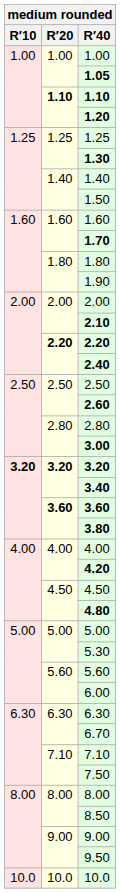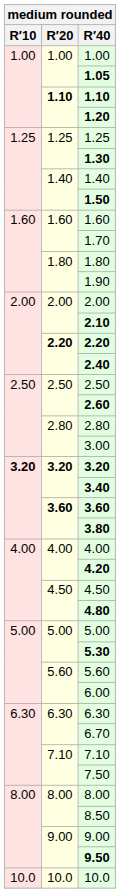 <table class="wikitable" style="text-align:center;">
 <tr>
 <th colspan="3">medium rounded</th>
 </tr>
 <tr>
 <th bgcolor="#ffe2e2">R′10</th>
 <th bgcolor="#ffffe2">R′20</th>
 <th bgcolor="#e2ffe2">R′40</th>
 </tr>
 <tr valign="top">
 <td rowspan="4" bgcolor="#ffe2e2">1.00</td>
 <td rowspan="2" bgcolor="#ffffe2">1.00</td>
 <td bgcolor="#e2ffe2">1.00</td>
 </tr>
 <tr>
 <td bgcolor="#e2ffe2"><strong>1.05</strong></td>
 </tr>
 <tr valign="top">
 <td rowspan="2" bgcolor="#ffffe2"><strong>1.10</strong></td>
 <td bgcolor="#e2ffe2"><strong>1.10</strong></td>
 </tr>
 <tr>
 <td bgcolor="#e2ffe2"><strong>1.20</strong></td>
 </tr>
 <tr valign="top">
 <td rowspan="4" bgcolor="#ffe2e2">1.25</td>
 <td rowspan="2" bgcolor="#ffffe2">1.25</td>
 <td bgcolor="#e2ffe2">1.25</td>
 </tr>
 <tr>
 <td bgcolor="#e2ffe2"><strong>1.30</strong></td>
 </tr>
 <tr valign="top">
 <td rowspan="2" bgcolor="#ffffe2">1.40</td>
 <td bgcolor="#e2ffe2">1.40</td>
 </tr>
 <tr>
-<td bgcolor="#e2ffe2">1.50</td>
+<td bgcolor="#e2ffe2"><strong>1.50</strong></td>
 </tr>
 <tr valign="top">
 <td rowspan="4" bgcolor="#ffe2e2">1.60</td>
 <td rowspan="2" bgcolor="#ffffe2">1.60</td>
 <td bgcolor="#e2ffe2">1.60</td>
 </tr>
 <tr>
-<td bgcolor="#e2ffe2"><strong>1.70</strong></td>
+<td bgcolor="#e2ffe2">1.70</td>
 </tr>
 <tr valign="top">
 <td rowspan="2" bgcolor="#ffffe2">1.80</td>
 <td bgcolor="#e2ffe2">1.80</td>
 </tr>
 <tr>
 <td bgcolor="#e2ffe2">1.90</td>
 </tr>
 <tr valign="top">
 <td rowspan="4" bgcolor="#ffe2e2">2.00</td>
 <td rowspan="2" bgcolor="#ffffe2">2.00</td>
 <td bgcolor="#e2ffe2">2.00</td>
 </tr>
 <tr>
 <td bgcolor="#e2ffe2"><strong>2.10</strong></td>
 </tr>
 <tr valign="top">
 <td rowspan="2" bgcolor="#ffffe2"><strong>2.20</strong></td>
 <td bgcolor="#e2ffe2"><strong>2.20</strong></td>
 </tr>
 <tr valign="top">
 <td bgcolor="#e2ffe2"><strong>2.40</strong></td>
 </tr>
 <tr valign="top">
 <td rowspan="4" bgcolor="#ffe2e2">2.50</td>
 <td rowspan="2" bgcolor="#ffffe2">2.50</td>
 <td bgcolor="#e2ffe2">2.50</td>
 </tr>
 <tr>
 <td bgcolor="#e2ffe2"><strong>2.60</strong></td>
 </tr>
 <tr valign="top">
 <td rowspan="2" bgcolor="#ffffe2">2.80</td>
 <td bgcolor="#e2ffe2">2.80</td>
 </tr>
 <tr>
-<td bgcolor="#e2ffe2"><strong>3.00</strong></td>
+<td bgcolor="#e2ffe2">3.00</td>
 </tr>
 <tr valign="top">
 <td rowspan="4" bgcolor="#ffe2e2"><strong>3.20</strong></td>
 <td rowspan="2" bgcolor="#ffffe2"><strong>3.20</strong></td>
 <td bgcolor="#e2ffe2"><strong>3.20</strong></td>
 </tr>
 <tr>
 <td bgcolor="#e2ffe2"><strong>3.40</strong></td>
 </tr>
 <tr valign="top">
 <td rowspan="2" bgcolor="#ffffe2"><strong>3.60</strong></td>
 <td bgcolor="#e2ffe2"><strong>3.60</strong></td>
 </tr>
 <tr>
 <td bgcolor="#e2ffe2"><strong>3.80</strong></td>
 </tr>
 <tr valign="top">
 <td rowspan="4" bgcolor="#ffe2e2">4.00</td>
 <td rowspan="2" bgcolor="#ffffe2">4.00</td>
 <td bgcolor="#e2ffe2">4.00</td>
 </tr>
 <tr>
 <td bgcolor="#e2ffe2"><strong>4.20</strong></td>
 </tr>
 <tr valign="top">
 <td rowspan="2" bgcolor="#ffffe2">4.50</td>
 <td bgcolor="#e2ffe2">4.50</td>
 </tr>
 <tr>
 <td bgcolor="#e2ffe2"><strong>4.80</strong></td>
 </tr>
 <tr valign="top">
 <td rowspan="4" bgcolor="#ffe2e2">5.00</td>
 <td rowspan="2" bgcolor="#ffffe2">5.00</td>
 <td bgcolor="#e2ffe2">5.00</td>
 </tr>
 <tr>
-<td bgcolor="#e2ffe2">5.30</td>
+<td bgcolor="#e2ffe2"><strong>5.30</strong></td>
 </tr>
 <tr valign="top">
 <td rowspan="2" bgcolor="#ffffe2">5.60</td>
 <td bgcolor="#e2ffe2">5.60</td>
 </tr>
 <tr>
 <td bgcolor="#e2ffe2">6.00</td>
 </tr>
 <tr valign="top">
 <td rowspan="4" bgcolor="#ffe2e2">6.30</td>
 <td rowspan="2" bgcolor="#ffffe2">6.30</td>
 <td bgcolor="#e2ffe2">6.30</td>
 </tr>
 <tr>
 <td bgcolor="#e2ffe2">6.70</td>
 </tr>
 <tr valign="top">
 <td rowspan="2" bgcolor="#ffffe2">7.10</td>
 <td bgcolor="#e2ffe2">7.10</td>
 </tr>
 <tr>
 <td bgcolor="#e2ffe2">7.50</td>
 </tr>
 <tr valign="top">
 <td rowspan="4" bgcolor="#ffe2e2">8.00</td>
 <td rowspan="2" bgcolor="#ffffe2">8.00</td>
 <td bgcolor="#e2ffe2">8.00</td>
 </tr>
 <tr>
 <td bgcolor="#e2ffe2">8.50</td>
 </tr>
 <tr valign="top">
 <td rowspan="2" bgcolor="#ffffe2">9.00</td>
 <td bgcolor="#e2ffe2">9.00</td>
 </tr>
 <tr>
-<td bgcolor="#e2ffe2">9.50</td>
+<td bgcolor="#e2ffe2"><strong>9.50</strong></td>
 </tr>
 <tr valign="top">
 <td bgcolor="#ffe2e2">10.0</td>
 <td bgcolor="#ffffe2">10.0</td>
 <td bgcolor="#e2ffe2">10.0</td>
 </tr>
 </table>
